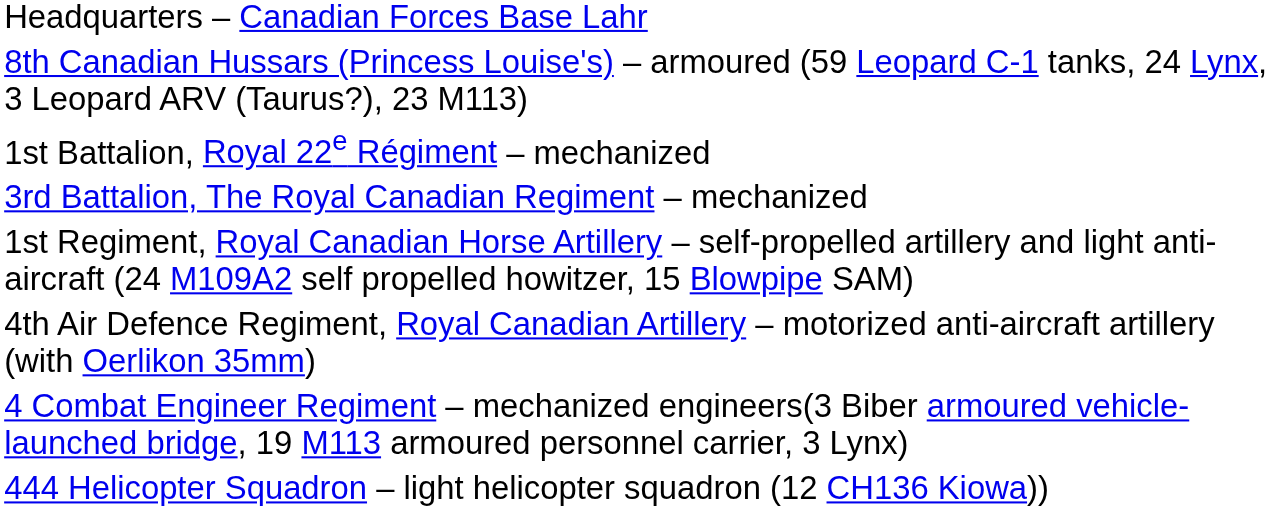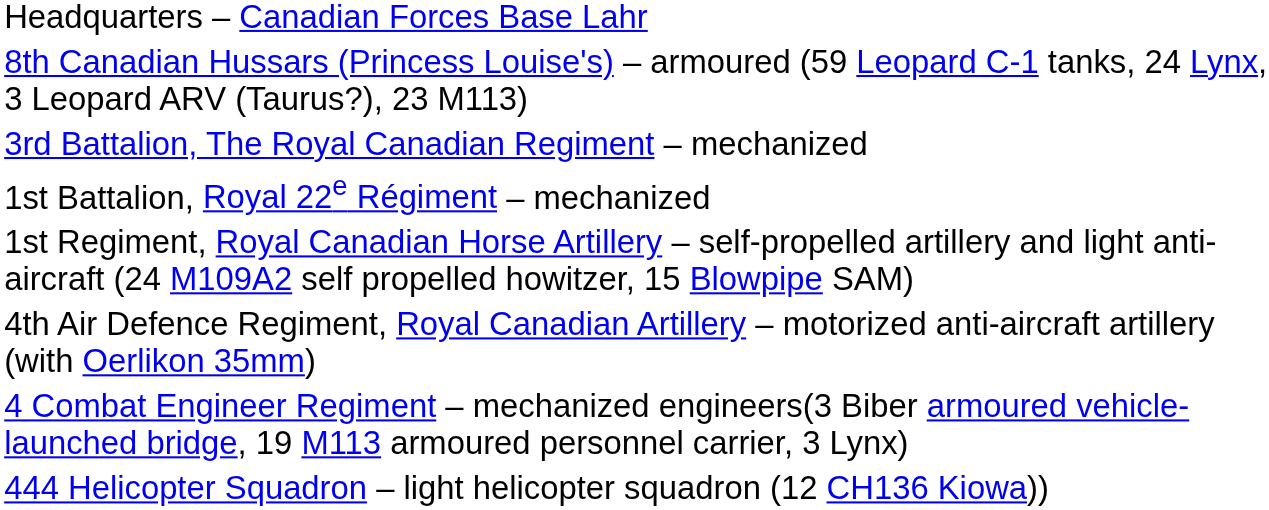 <table style="vertical-align:top">
 <tr>
 <td>Headquarters – <a href='#'>Canadian Forces Base Lahr</a></td>
 </tr>
 <tr>
 <td><a href='#'>8th Canadian Hussars (Princess Louise's)</a> – armoured (59 <a href='#'>Leopard C-1</a> tanks, 24 <a href='#'>Lynx</a>, 3 Leopard ARV (Taurus?), 23 M113)</td>
 </tr>
 <tr>
-<td>1st Battalion, <a href='#'>Royal 22<sup>e</sup> Régiment</a> – mechanized</td>
+<td><a href='#'>3rd Battalion, The Royal Canadian Regiment</a> – mechanized</td>
 </tr>
 <tr>
-<td><a href='#'>3rd Battalion, The Royal Canadian Regiment</a> – mechanized</td>
+<td>1st Battalion, <a href='#'>Royal 22<sup>e</sup> Régiment</a> – mechanized</td>
 </tr>
 <tr>
 <td>1st Regiment, <a href='#'>Royal Canadian Horse Artillery</a> – self-propelled artillery and light anti-aircraft (24 <a href='#'>M109A2</a> self propelled howitzer, 15 <a href='#'>Blowpipe</a> SAM)</td>
 </tr>
 <tr>
 <td>4th Air Defence Regiment, <a href='#'>Royal Canadian Artillery</a> – motorized anti-aircraft artillery (with <a href='#'>Oerlikon 35mm</a>)</td>
 </tr>
 <tr>
 <td><a href='#'>4 Combat Engineer Regiment</a> – mechanized engineers(3 Biber <a href='#'>armoured vehicle-launched bridge</a>, 19 <a href='#'>M113</a> armoured personnel carrier, 3 Lynx)</td>
 </tr>
 <tr>
 <td><a href='#'>444 Helicopter Squadron</a> – light helicopter squadron (12 <a href='#'>CH136 Kiowa</a>))</td>
 </tr>
 </table>
